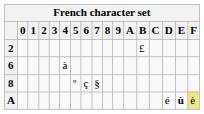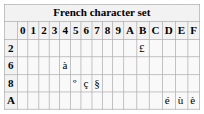 <table class="wikitable">
 <tr>
 <th colspan="17">French character set</th>
 </tr>
 <tr>
 <th></th>
 <th>0</th>
 <th>1</th>
 <th>2</th>
 <th>3</th>
 <th>4</th>
 <th>5</th>
 <th>6</th>
 <th>7</th>
 <th>8</th>
 <th>9</th>
 <th>A</th>
 <th>B</th>
 <th>C</th>
 <th>D</th>
 <th>E</th>
 <th>F</th>
 </tr>
 <tr>
 <th>2</th>
 <td></td>
 <td></td>
 <td></td>
 <td></td>
 <td></td>
 <td></td>
 <td></td>
 <td></td>
 <td></td>
 <td></td>
 <td></td>
 <td>£</td>
 <td></td>
 <td></td>
 <td></td>
 <td></td>
 </tr>
 <tr>
 <th>6</th>
 <td></td>
 <td></td>
 <td></td>
 <td></td>
 <td>à</td>
 <td></td>
 <td></td>
 <td></td>
 <td></td>
 <td></td>
 <td></td>
 <td></td>
 <td></td>
 <td></td>
 <td></td>
 <td></td>
 </tr>
 <tr>
 <th>8</th>
 <td></td>
 <td></td>
 <td></td>
 <td></td>
 <td></td>
 <td>º</td>
 <td>ç</td>
 <td>§</td>
 <td></td>
 <td></td>
 <td></td>
 <td></td>
 <td></td>
 <td></td>
 <td></td>
 <td></td>
 </tr>
 <tr>
 <th>A</th>
 <td></td>
 <td></td>
 <td></td>
 <td></td>
 <td></td>
 <td></td>
 <td></td>
 <td></td>
 <td></td>
 <td></td>
 <td></td>
 <td></td>
 <td></td>
 <td>é</td>
-<td><strong>ù</strong></td>
-<td style="background: khaki;">è</td>
+<td>ù</td>
+<td>è</td>
 </tr>
 </table>
